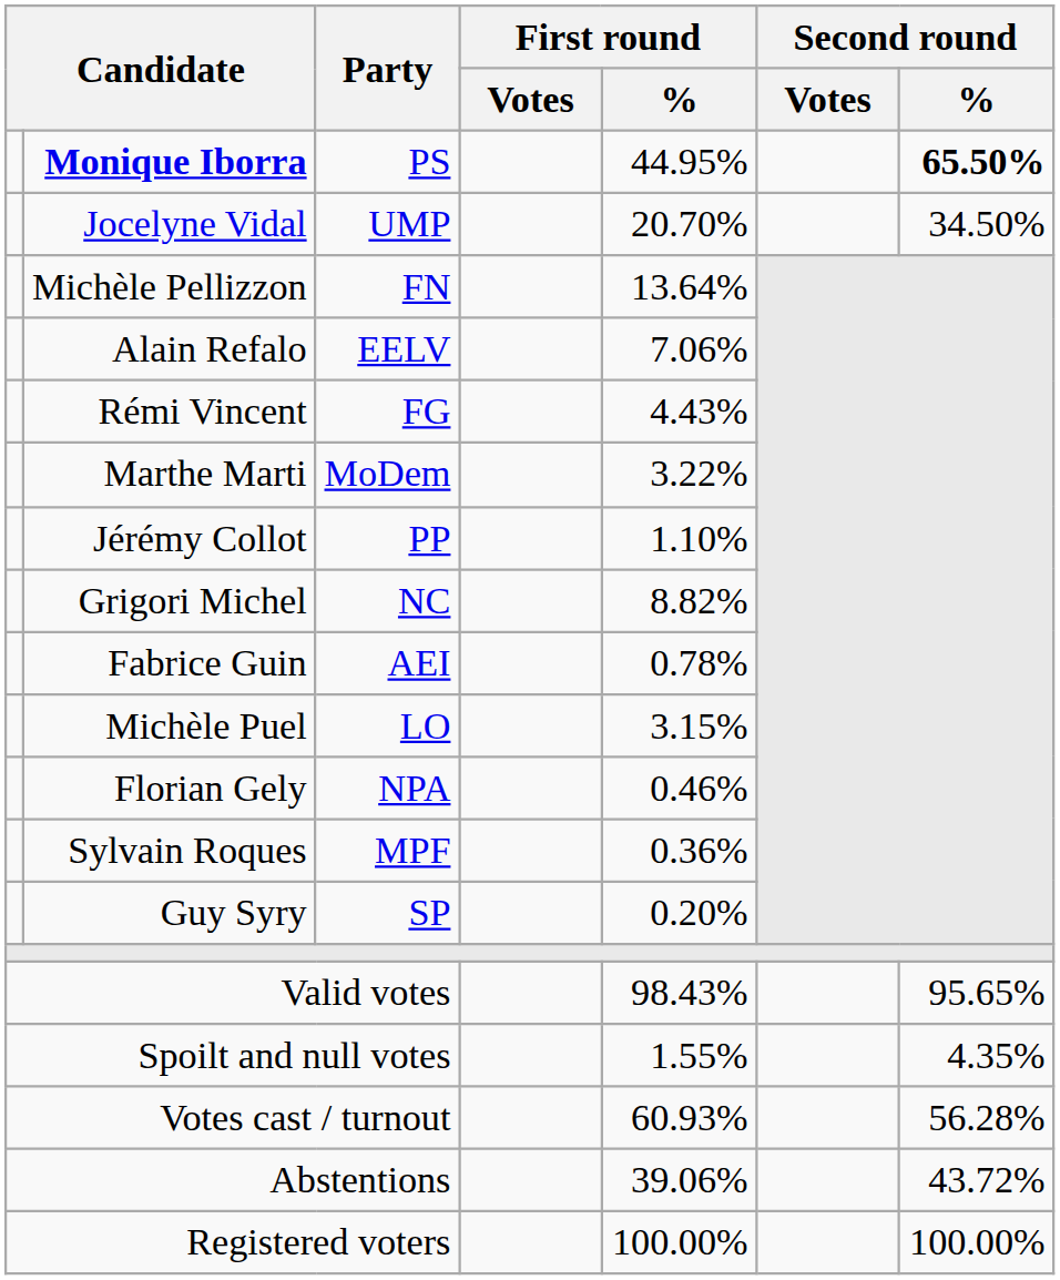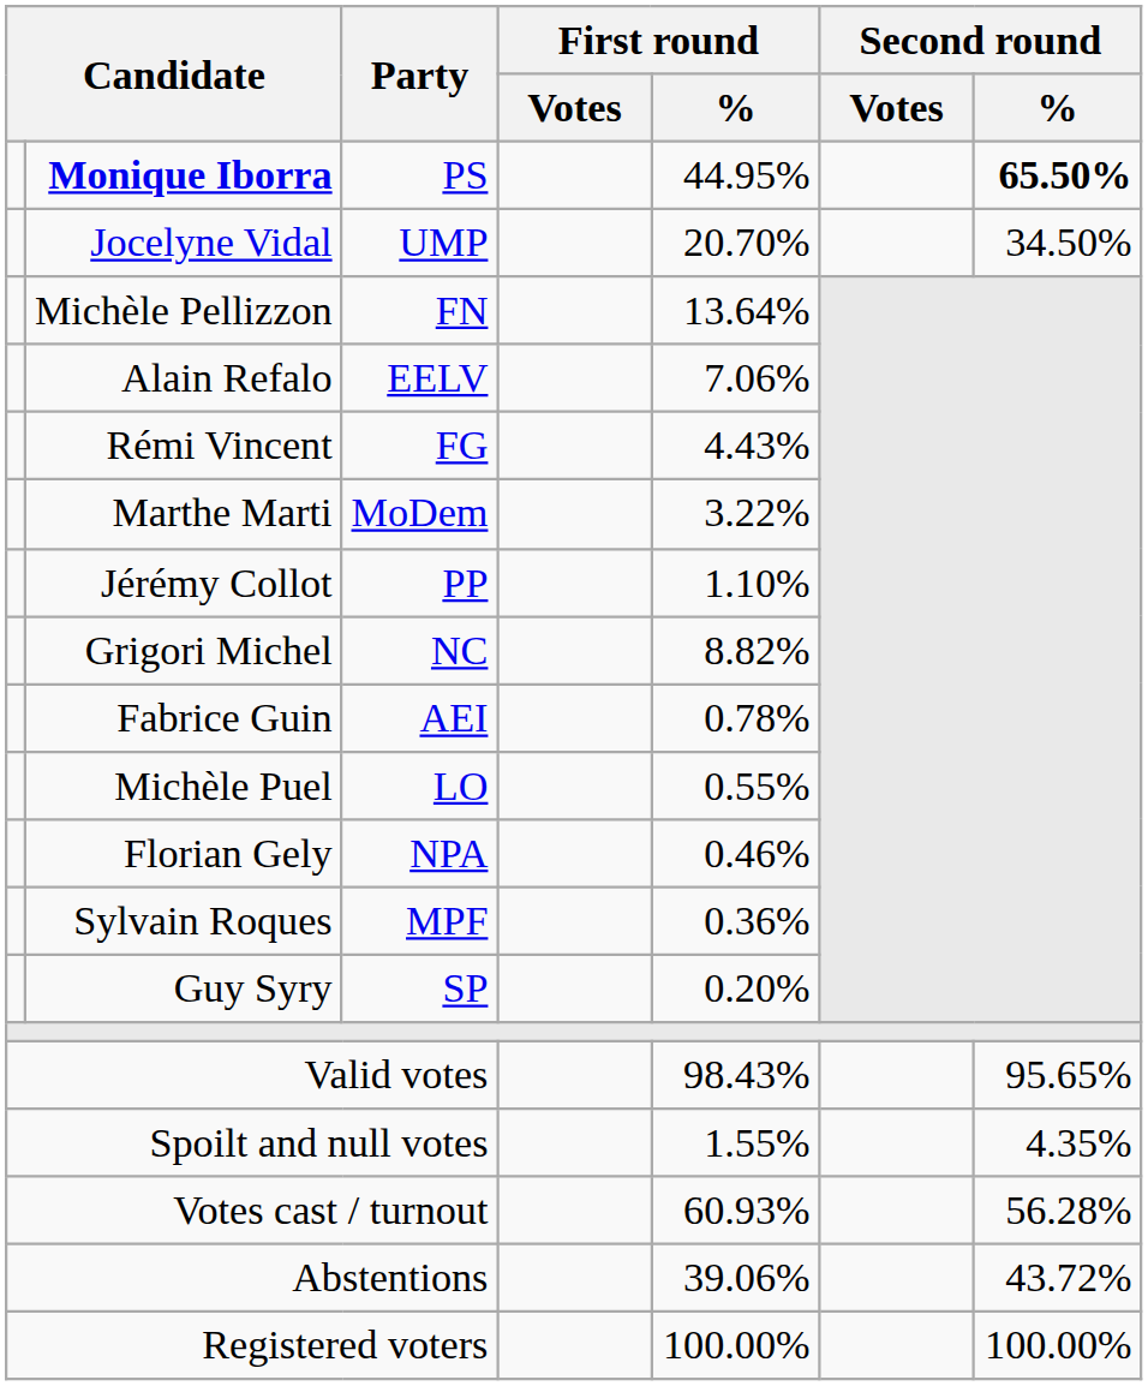 <table class="wikitable" style="text-align:right;font-size:95%;">
 <tr>
 <th rowspan=2 colspan=2>Candidate</th>
 <th rowspan=2 colspan=1>Party</th>
 <th colspan=2>First round</th>
 <th colspan=2>Second round</th>
 </tr>
 <tr>
 <th style="width:50px;">Votes</th>
 <th style="width:55px;">%</th>
 <th style="width:50px;">Votes</th>
 <th style="width:55px;">%</th>
 </tr>
 <tr>
 <td style="color:inherit;background-color:"></td>
 <td><strong><a href='#'>Monique Iborra</a></strong></td>
 <td><a href='#'>PS</a></td>
 <td></td>
 <td>44.95%</td>
 <td><strong></strong></td>
 <td><strong>65.50%</strong></td>
 </tr>
 <tr>
 <td style="color:inherit;background-color:"></td>
 <td><a href='#'>Jocelyne Vidal</a></td>
 <td><a href='#'>UMP</a></td>
 <td></td>
 <td>20.70%</td>
 <td></td>
 <td>34.50%</td>
 </tr>
 <tr>
 <td style="color:inherit;background-color:"></td>
 <td>Michèle Pellizzon</td>
 <td><a href='#'>FN</a></td>
 <td></td>
 <td>13.64%</td>
 <td colspan=7 rowspan=11 style="background-color:#E9E9E9;"></td>
 </tr>
 <tr>
 <td style="color:inherit;background-color:"></td>
 <td>Alain Refalo</td>
 <td><a href='#'>EELV</a></td>
 <td></td>
 <td>7.06%</td>
 </tr>
 <tr>
 <td style="color:inherit;background-color:"></td>
 <td>Rémi Vincent</td>
 <td><a href='#'>FG</a></td>
 <td></td>
 <td>4.43%</td>
 </tr>
 <tr>
 <td style="color:inherit;background-color:"></td>
 <td>Marthe Marti</td>
 <td><a href='#'>MoDem</a></td>
 <td></td>
 <td>3.22%</td>
 </tr>
 <tr>
 <td style="color:inherit;background-color:"></td>
 <td>Jérémy Collot</td>
 <td><a href='#'>PP</a></td>
 <td></td>
 <td>1.10%</td>
 </tr>
 <tr>
 <td style="color:inherit;background-color:"></td>
 <td>Grigori Michel</td>
 <td><a href='#'>NC</a></td>
 <td></td>
 <td>8.82%</td>
 </tr>
 <tr>
 <td style="color:inherit;background-color:"></td>
 <td>Fabrice Guin</td>
 <td><a href='#'>AEI</a></td>
 <td></td>
 <td>0.78%</td>
 </tr>
 <tr>
 <td style="color:inherit;background-color:"></td>
 <td>Michèle Puel</td>
 <td><a href='#'>LO</a></td>
 <td></td>
-<td>3.15%</td>
+<td>0.55%</td>
 </tr>
 <tr>
 <td style="color:inherit;background-color:"></td>
 <td>Florian Gely</td>
 <td><a href='#'>NPA</a></td>
 <td></td>
 <td>0.46%</td>
 </tr>
 <tr>
 <td style="color:inherit;background-color:"></td>
 <td>Sylvain Roques</td>
 <td><a href='#'>MPF</a></td>
 <td></td>
 <td>0.36%</td>
 </tr>
 <tr>
 <td style="color:inherit;background-color:"></td>
 <td>Guy Syry</td>
 <td><a href='#'>SP</a></td>
 <td></td>
 <td>0.20%</td>
 </tr>
 <tr>
 <td colspan=7 style="background-color:#E9E9E9;"></td>
 </tr>
 <tr>
 <td colspan=3>Valid votes</td>
 <td></td>
 <td>98.43%</td>
 <td></td>
 <td>95.65%</td>
 </tr>
 <tr>
 <td colspan=3>Spoilt and null votes</td>
 <td></td>
 <td>1.55%</td>
 <td></td>
 <td>4.35%</td>
 </tr>
 <tr>
 <td colspan=3>Votes cast / turnout</td>
 <td></td>
 <td>60.93%</td>
 <td></td>
 <td>56.28%</td>
 </tr>
 <tr>
 <td colspan=3>Abstentions</td>
 <td></td>
 <td>39.06%</td>
 <td></td>
 <td>43.72%</td>
 </tr>
 <tr>
 <td colspan=3>Registered voters</td>
 <td></td>
 <td>100.00%</td>
 <td></td>
 <td>100.00%</td>
 </tr>
 </table>
